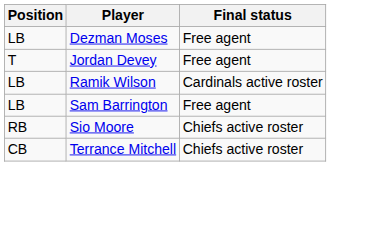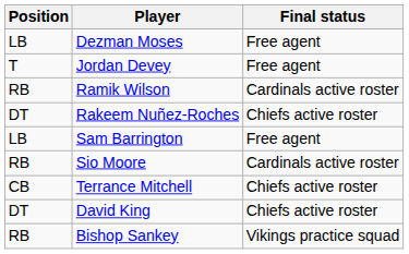 <table class="wikitable">
 <tr>
 <th>Position</th>
 <th>Player</th>
 <th>Final status</th>
 </tr>
 <tr>
 <td>LB</td>
 <td><a href='#'>Dezman Moses</a></td>
 <td>Free agent</td>
 </tr>
 <tr>
 <td>T</td>
 <td><a href='#'>Jordan Devey</a></td>
 <td>Free agent</td>
 </tr>
 <tr>
-<td>LB</td>
+<td>RB</td>
 <td><a href='#'>Ramik Wilson</a></td>
 <td>Cardinals active roster</td>
+</tr>
+<tr>
+<td>DT</td>
+<td><a href='#'>Rakeem Nuñez-Roches</a></td>
+<td>Chiefs active roster</td>
 </tr>
 <tr>
 <td>LB</td>
 <td><a href='#'>Sam Barrington</a></td>
 <td>Free agent</td>
 </tr>
 <tr>
 <td>RB</td>
 <td><a href='#'>Sio Moore</a></td>
-<td>Chiefs active roster</td>
+<td>Cardinals active roster</td>
 </tr>
 <tr>
 <td>CB</td>
 <td><a href='#'>Terrance Mitchell</a></td>
 <td>Chiefs active roster</td>
 </tr>
+<tr>
+<td>DT</td>
+<td><a href='#'>David King</a></td>
+<td>Chiefs active roster</td>
+</tr>
+<tr>
+<td>RB</td>
+<td><a href='#'>Bishop Sankey</a></td>
+<td>Vikings practice squad</td>
+</tr>
 </table>
